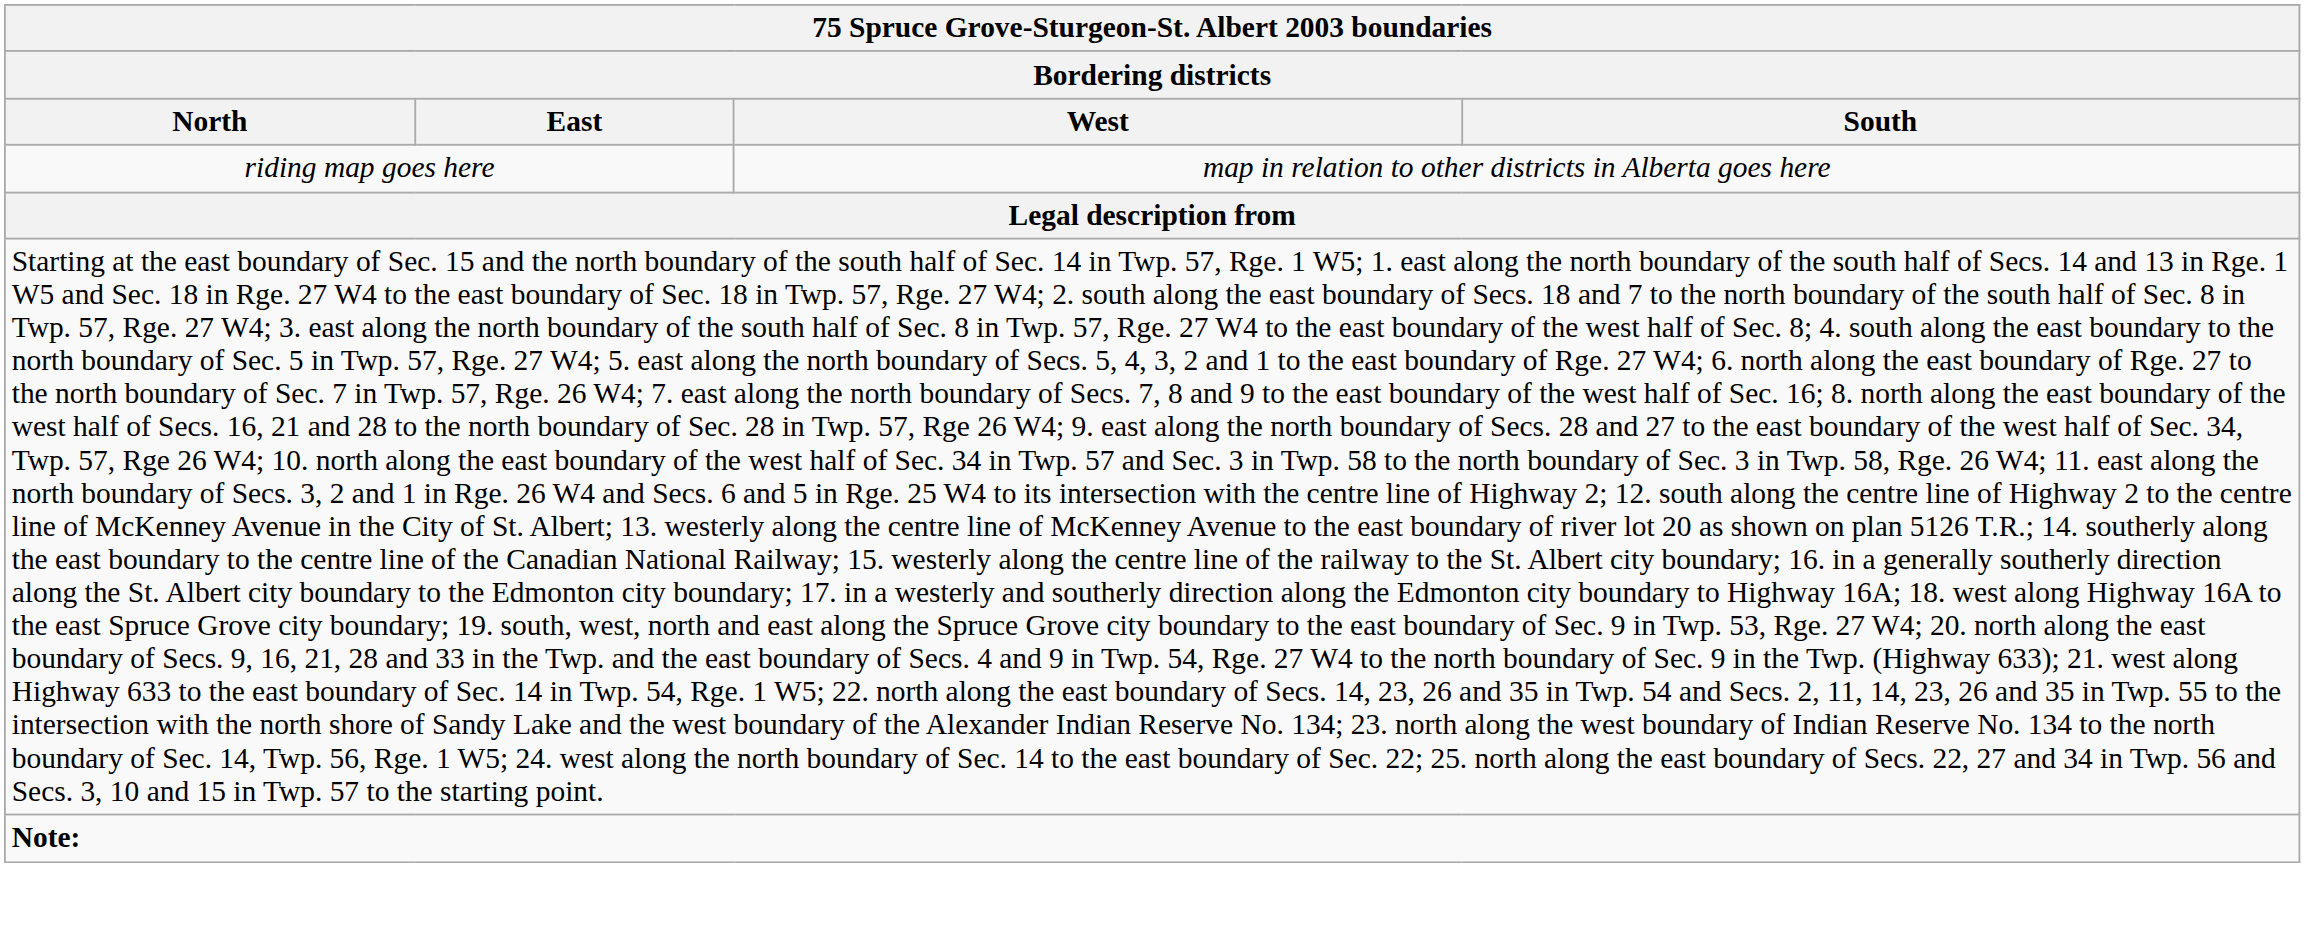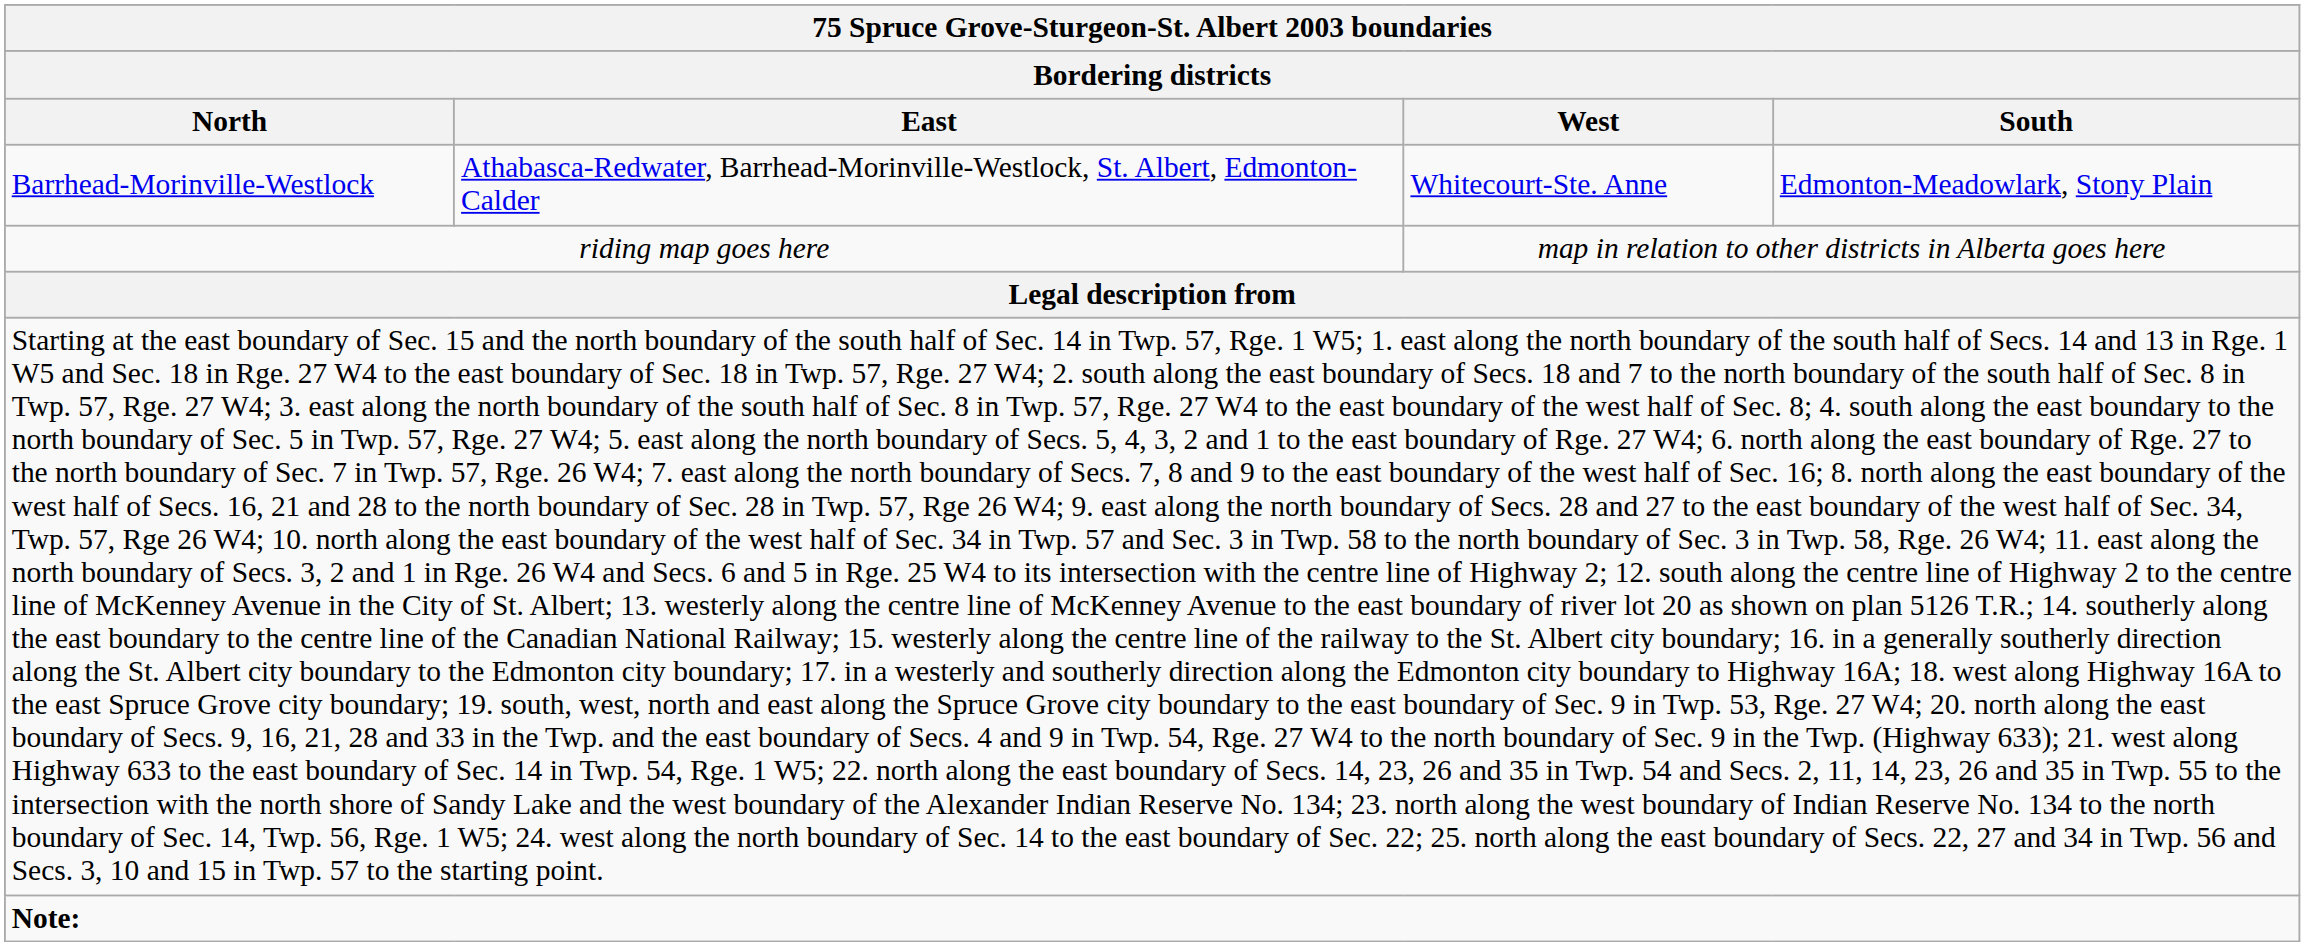 <table class="wikitable collapsible collapsed">
 <tr>
 <th colspan=4>75 Spruce Grove-Sturgeon-St. Albert 2003 boundaries</th>
 </tr>
 <tr>
 <th colspan=4>Bordering districts</th>
 </tr>
 <tr>
 <th>North</th>
 <th>East</th>
 <th>West</th>
 <th>South</th>
+</tr>
+<tr>
+<td><a href='#'>Barrhead-Morinville-Westlock</a></td>
+<td><a href='#'>Athabasca-Redwater</a>, Barrhead-Morinville-Westlock, <a href='#'>St. Albert</a>, <a href='#'>Edmonton-Calder</a></td>
+<td><a href='#'>Whitecourt-Ste. Anne</a></td>
+<td><a href='#'>Edmonton-Meadowlark</a>, <a href='#'>Stony Plain</a></td>
 </tr>
 <tr>
 <td colspan=2 align=center><em>riding map goes here</em></td>
 <td colspan=2 align=center><em>map in relation to other districts in Alberta goes here</em></td>
 </tr>
 <tr>
 <th colspan=4>Legal description from </th>
 </tr>
 <tr>
 <td colspan=4>Starting at the east boundary of Sec. 15 and the north boundary of the south half of Sec. 14 in Twp. 57, Rge. 1 W5; 1. east along the north boundary of the south half of Secs. 14 and 13 in Rge. 1 W5 and Sec. 18 in Rge. 27 W4 to the east boundary of Sec. 18 in Twp. 57, Rge. 27 W4; 2. south along the east boundary of Secs. 18 and 7 to the north boundary of the south half of Sec. 8 in Twp. 57, Rge. 27 W4; 3. east along the north boundary of the south half of Sec. 8 in Twp. 57, Rge. 27 W4 to the east boundary of the west half of Sec. 8; 4. south along the east boundary to the north boundary of Sec. 5 in Twp. 57, Rge. 27 W4; 5. east along the north boundary of Secs. 5, 4, 3, 2 and 1 to the east boundary of Rge. 27 W4; 6. north along the east boundary of Rge. 27 to the north boundary of Sec. 7 in Twp. 57, Rge. 26 W4; 7. east along the north boundary of Secs. 7, 8 and 9 to the east boundary of the west half of Sec. 16; 8. north along the east boundary of the west half of Secs. 16, 21 and 28 to the north boundary of Sec. 28 in Twp. 57, Rge 26 W4; 9. east along the north boundary of Secs. 28 and 27 to the east boundary of the west half of Sec. 34, Twp. 57, Rge 26 W4; 10. north along the east boundary of the west half of Sec. 34 in Twp. 57 and Sec. 3 in Twp. 58 to the north boundary of Sec. 3 in Twp. 58, Rge. 26 W4; 11. east along the north boundary of Secs. 3, 2 and 1 in Rge. 26 W4 and Secs. 6 and 5 in Rge. 25 W4 to its intersection with the centre line of Highway 2; 12. south along the centre line of Highway 2 to the centre line of McKenney Avenue in the City of St. Albert; 13. westerly along the centre line of McKenney Avenue to the east boundary of river lot 20 as shown on plan 5126 T.R.; 14. southerly along the east boundary to the centre line of the Canadian National Railway; 15. westerly along the centre line of the railway to the St. Albert city boundary; 16. in a generally southerly direction along the St. Albert city boundary to the Edmonton city boundary; 17. in a westerly and southerly direction along the Edmonton city boundary to Highway 16A; 18. west along Highway 16A to the east Spruce Grove city boundary; 19. south, west, north and east along the Spruce Grove city boundary to the east boundary of Sec. 9 in Twp. 53, Rge. 27 W4; 20. north along the east boundary of Secs. 9, 16, 21, 28 and 33 in the Twp. and the east boundary of Secs. 4 and 9 in Twp. 54, Rge. 27 W4 to the north boundary of Sec. 9 in the Twp. (Highway 633); 21. west along Highway 633 to the east boundary of Sec. 14 in Twp. 54, Rge. 1 W5; 22. north along the east boundary of Secs. 14, 23, 26 and 35 in Twp. 54 and Secs. 2, 11, 14, 23, 26 and 35 in Twp. 55 to the intersection with the north shore of Sandy Lake and the west boundary of the Alexander Indian Reserve No. 134; 23. north along the west boundary of Indian Reserve No. 134 to the north boundary of Sec. 14, Twp. 56, Rge. 1 W5; 24. west along the north boundary of Sec. 14 to the east boundary of Sec. 22; 25. north along the east boundary of Secs. 22, 27 and 34 in Twp. 56 and Secs. 3, 10 and 15 in Twp. 57 to the starting point.</td>
 </tr>
 <tr>
 <td colspan=4><strong>Note:</strong></td>
 </tr>
 </table>
